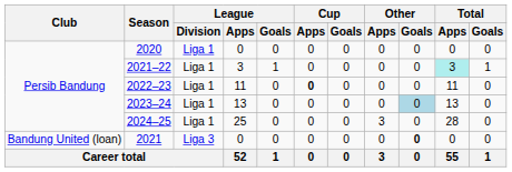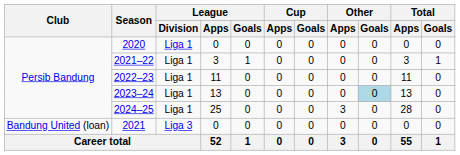 <table class="wikitable" style="text-align: center">
 <tr>
 <th rowspan="2">Club</th>
 <th rowspan="2">Season</th>
 <th colspan="3">League</th>
 <th colspan="2">Cup</th>
 <th colspan="2">Other</th>
 <th colspan="2">Total</th>
 </tr>
 <tr>
 <th>Division</th>
 <th>Apps</th>
 <th>Goals</th>
 <th>Apps</th>
 <th>Goals</th>
 <th>Apps</th>
 <th>Goals</th>
 <th>Apps</th>
 <th>Goals</th>
 </tr>
 <tr>
 <td rowspan="5"><a href='#'>Persib Bandung</a></td>
 <td><a href='#'>2020</a></td>
 <td rowspan="1" valign="center"><a href='#'>Liga 1</a></td>
 <td>0</td>
 <td>0</td>
 <td>0</td>
 <td>0</td>
 <td>0</td>
 <td>0</td>
 <td>0</td>
 <td>0</td>
 </tr>
 <tr>
 <td><a href='#'>2021–22</a></td>
 <td rowspan="1" valign="center">Liga 1</td>
 <td>3</td>
 <td>1</td>
 <td>0</td>
 <td>0</td>
 <td>0</td>
 <td>0</td>
-<td style="background: paleturquoise;">3</td>
+<td>3</td>
 <td>1</td>
 </tr>
 <tr>
 <td><a href='#'>2022–23</a></td>
 <td rowspan="1" valign="center">Liga 1</td>
 <td>11</td>
 <td>0</td>
-<td><strong>0</strong></td>
+<td>0</td>
 <td>0</td>
 <td>0</td>
 <td>0</td>
 <td>11</td>
 <td>0</td>
 </tr>
 <tr>
 <td><a href='#'>2023–24</a></td>
 <td>Liga 1</td>
 <td>13</td>
 <td>0</td>
 <td>0</td>
 <td>0</td>
 <td>0</td>
 <td style="background: lightblue;">0</td>
 <td>13</td>
 <td>0</td>
 </tr>
 <tr>
 <td><a href='#'>2024–25</a></td>
 <td>Liga 1</td>
 <td>25</td>
 <td>0</td>
 <td>0</td>
 <td>0</td>
 <td>3</td>
 <td>0</td>
 <td>28</td>
 <td>0</td>
 </tr>
 <tr>
 <td rowspan="1"><a href='#'>Bandung United</a> (loan)</td>
 <td><a href='#'>2021</a></td>
 <td rowspan="1" valign="center"><a href='#'>Liga 3</a></td>
 <td>0</td>
 <td>0</td>
 <td>0</td>
 <td>0</td>
 <td>0</td>
-<td><strong>0</strong></td>
+<td>0</td>
 <td>0</td>
 <td>0</td>
 </tr>
 <tr>
 <th colspan=3>Career total</th>
 <th>52</th>
 <th>1</th>
 <th>0</th>
 <th>0</th>
 <th>3</th>
 <th>0</th>
 <th>55</th>
 <th>1</th>
 </tr>
 </table>
